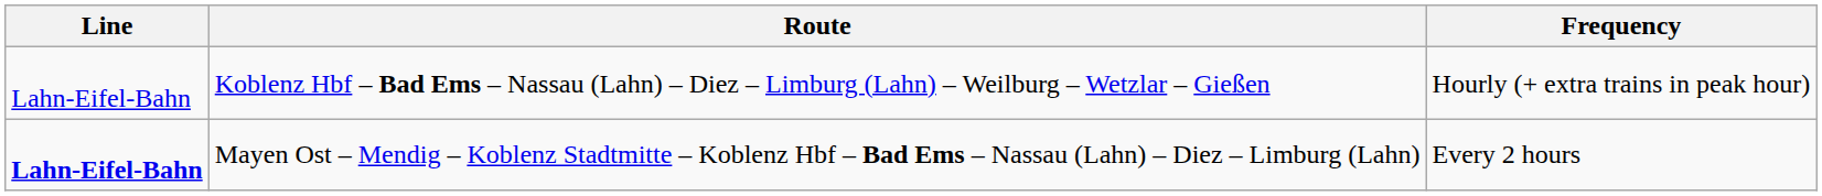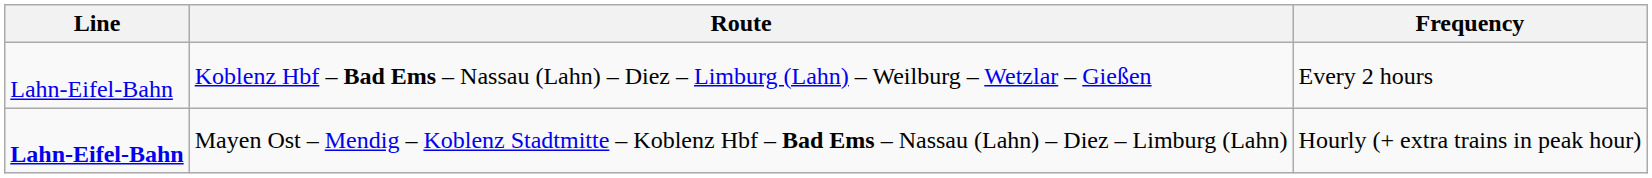 <table class="wikitable">
 <tr>
 <th>Line</th>
 <th>Route</th>
 <th>Frequency</th>
 </tr>
 <tr>
 <td><br><a href='#'>Lahn-Eifel-Bahn</a></td>
 <td><a href='#'>Koblenz Hbf</a> – <strong>Bad Ems</strong> – Nassau (Lahn) – Diez – <a href='#'>Limburg (Lahn)</a> – Weilburg – <a href='#'>Wetzlar</a> – <a href='#'>Gießen</a></td>
-<td>Hourly  (+ extra trains in peak hour)</td>
+<td>Every 2 hours</td>
 </tr>
 <tr>
 <td><strong><br><a href='#'>Lahn-Eifel-Bahn</a></strong></td>
 <td>Mayen Ost – <a href='#'>Mendig</a> – <a href='#'>Koblenz Stadtmitte</a> – Koblenz Hbf – <strong>Bad Ems</strong> – Nassau (Lahn) – Diez – Limburg (Lahn)</td>
-<td>Every 2 hours</td>
+<td>Hourly  (+ extra trains in peak hour)</td>
 </tr>
 </table>
